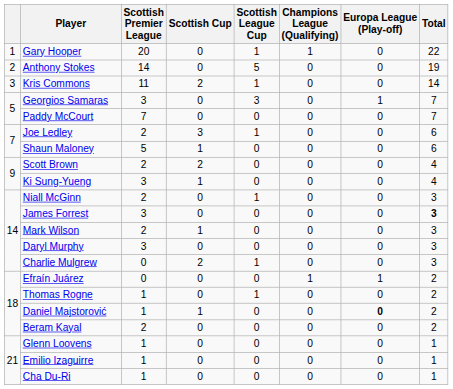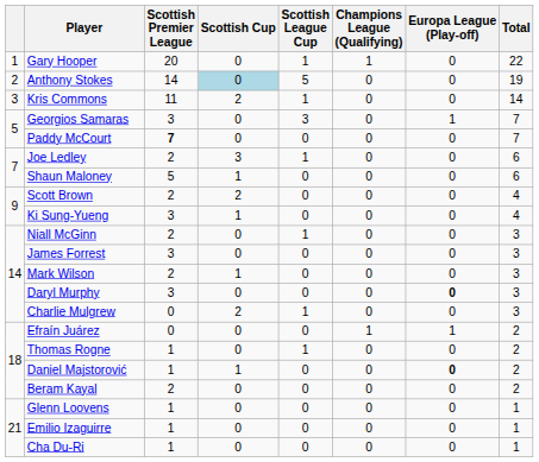 <table class="wikitable">
 <tr>
 <th></th>
 <th width="150">Player</th>
 <th>Scottish <br>Premier<br> League<br></th>
 <th>Scottish Cup</th>
 <th>Scottish <br>League<br> Cup</th>
 <th>Champions <br>League<br>(Qualifying)<br></th>
 <th>Europa League<br>(Play-off)<br></th>
 <th>Total</th>
 </tr>
 <tr>
 <td align=center rowspan=1>1</td>
 <td> <a href='#'>Gary Hooper</a></td>
 <td align=center>20</td>
 <td align=center>0</td>
 <td align=center>1</td>
 <td align=center>1</td>
 <td align=center>0</td>
 <td align=center>22</td>
 </tr>
 <tr>
 <td align=center rowspan=1>2</td>
 <td> <a href='#'>Anthony Stokes</a></td>
 <td align=center>14</td>
-<td align=center>0</td>
+<td align=center style="background: lightblue;">0</td>
 <td align=center>5</td>
 <td align=center>0</td>
 <td align=center>0</td>
 <td align=center>19</td>
 </tr>
 <tr>
 <td align=center rowspan=1>3</td>
 <td> <a href='#'>Kris Commons</a></td>
 <td align=center>11</td>
 <td align=center>2</td>
 <td align=center>1</td>
 <td align=center>0</td>
 <td align=center>0</td>
 <td align=center>14</td>
 </tr>
 <tr>
 <td align=center rowspan=2>5</td>
 <td> <a href='#'>Georgios Samaras</a></td>
 <td align=center>3</td>
 <td align=center>0</td>
 <td align=center>3</td>
 <td align=center>0</td>
 <td align=center>1</td>
 <td align=center>7</td>
 </tr>
 <tr>
 <td> <a href='#'>Paddy McCourt</a></td>
-<td align=center>7</td>
+<td align=center><strong>7</strong></td>
 <td align=center>0</td>
 <td align=center>0</td>
 <td align=center>0</td>
 <td align=center>0</td>
 <td align=center>7</td>
 </tr>
 <tr>
 <td align=center rowspan=2>7</td>
 <td> <a href='#'>Joe Ledley</a></td>
 <td align=center>2</td>
 <td align=center>3</td>
 <td align=center>1</td>
 <td align=center>0</td>
 <td align=center>0</td>
 <td align=center>6</td>
 </tr>
 <tr>
 <td> <a href='#'>Shaun Maloney</a></td>
 <td align=center>5</td>
 <td align=center>1</td>
 <td align=center>0</td>
 <td align=center>0</td>
 <td align=center>0</td>
 <td align=center>6</td>
 </tr>
 <tr>
 <td align=center rowspan=2>9</td>
 <td> <a href='#'>Scott Brown</a></td>
 <td align=center>2</td>
 <td align=center>2</td>
 <td align=center>0</td>
 <td align=center>0</td>
 <td align=center>0</td>
 <td align=center>4</td>
 </tr>
 <tr>
 <td> <a href='#'>Ki Sung-Yueng</a></td>
 <td align=center>3</td>
 <td align=center>1</td>
 <td align=center>0</td>
 <td align=center>0</td>
 <td align=center>0</td>
 <td align=center>4</td>
 </tr>
 <tr>
 <td align=center rowspan=5>14</td>
 <td> <a href='#'>Niall McGinn</a></td>
 <td align=center>2</td>
 <td align=center>0</td>
 <td align=center>1</td>
 <td align=center>0</td>
 <td align=center>0</td>
 <td align=center>3</td>
 </tr>
 <tr>
 <td> <a href='#'>James Forrest</a></td>
 <td align=center>3</td>
 <td align=center>0</td>
 <td align=center>0</td>
 <td align=center>0</td>
 <td align=center>0</td>
-<td align=center><strong>3</strong></td>
+<td align=center>3</td>
 </tr>
 <tr>
 <td> <a href='#'>Mark Wilson</a></td>
 <td align=center>2</td>
 <td align=center>1</td>
 <td align=center>0</td>
 <td align=center>0</td>
 <td align=center>0</td>
 <td align=center>3</td>
 </tr>
 <tr>
 <td> <a href='#'>Daryl Murphy</a></td>
 <td align=center>3</td>
 <td align=center>0</td>
 <td align=center>0</td>
 <td align=center>0</td>
-<td align=center>0</td>
+<td align=center><strong>0</strong></td>
 <td align=center>3</td>
 </tr>
 <tr>
 <td> <a href='#'>Charlie Mulgrew</a></td>
 <td align=center>0</td>
 <td align=center>2</td>
 <td align=center>1</td>
 <td align=center>0</td>
 <td align=center>0</td>
 <td align=center>3</td>
 </tr>
 <tr>
 <td align=center rowspan=4>18</td>
 <td> <a href='#'>Efraín Juárez</a></td>
 <td align=center>0</td>
 <td align=center>0</td>
 <td align=center>0</td>
 <td align=center>1</td>
 <td align=center>1</td>
 <td align=center>2</td>
 </tr>
 <tr>
 <td> <a href='#'>Thomas Rogne</a></td>
 <td align=center>1</td>
 <td align=center>0</td>
 <td align=center>1</td>
 <td align=center>0</td>
 <td align=center>0</td>
 <td align=center>2</td>
 </tr>
 <tr>
 <td> <a href='#'>Daniel Majstorović</a></td>
 <td align=center>1</td>
 <td align=center>1</td>
 <td align=center>0</td>
 <td align=center>0</td>
 <td align=center><strong>0</strong></td>
 <td align=center>2</td>
 </tr>
 <tr>
 <td> <a href='#'>Beram Kayal</a></td>
 <td align=center>2</td>
 <td align=center>0</td>
 <td align=center>0</td>
 <td align=center>0</td>
 <td align=center>0</td>
 <td align=center>2</td>
 </tr>
 <tr>
 <td align=center rowspan=3>21</td>
 <td> <a href='#'>Glenn Loovens</a></td>
 <td align=center>1</td>
 <td align=center>0</td>
 <td align=center>0</td>
 <td align=center>0</td>
 <td align=center>0</td>
 <td align=center>1</td>
 </tr>
 <tr>
 <td> <a href='#'>Emilio Izaguirre</a></td>
 <td align=center>1</td>
 <td align=center>0</td>
 <td align=center>0</td>
 <td align=center>0</td>
 <td align=center>0</td>
 <td align=center>1</td>
 </tr>
 <tr>
 <td> <a href='#'>Cha Du-Ri</a></td>
 <td align=center>1</td>
 <td align=center>0</td>
 <td align=center>0</td>
 <td align=center>0</td>
 <td align=center>0</td>
 <td align=center>1</td>
 </tr>
 </table>
